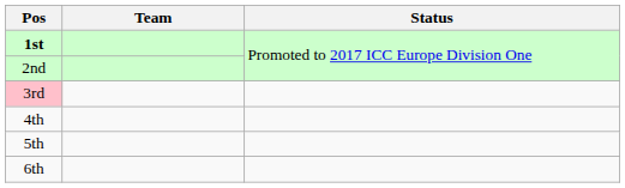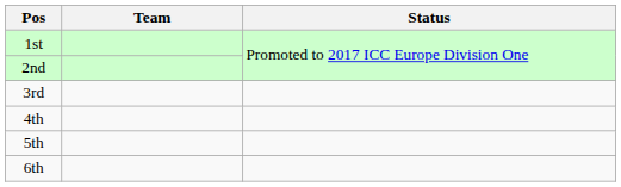 <table class="wikitable">
 <tr>
 <th width=50>Pos</th>
 <th width=175>Team</th>
 <th width=370>Status</th>
 </tr>
 <tr style="background:#cfc">
-<td align="center"><strong>1st</strong></td>
+<td align="center">1st</td>
 <td></td>
 <td rowspan=2>Promoted to <a href='#'>2017 ICC Europe Division One</a></td>
 </tr>
 <tr style="background:#cfc">
 <td align="center">2nd</td>
 <td></td>
 </tr>
 <tr>
-<td align="center" style="background: pink;">3rd</td>
+<td align="center">3rd</td>
 <td></td>
 <td></td>
 </tr>
 <tr>
 <td align="center">4th</td>
 <td></td>
 <td></td>
 </tr>
 <tr>
 <td align="center">5th</td>
 <td></td>
 <td></td>
 </tr>
 <tr>
 <td align="center">6th</td>
 <td></td>
 <td></td>
 </tr>
 </table>
